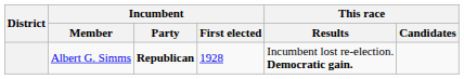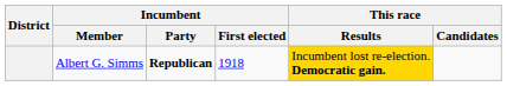 <table class=wikitable>
 <tr>
 <th rowspan=2>District</th>
 <th colspan=3>Incumbent</th>
 <th colspan=2>This race</th>
 </tr>
 <tr>
 <th>Member</th>
 <th>Party</th>
 <th>First elected</th>
 <th>Results</th>
 <th>Candidates</th>
 </tr>
 <tr>
 <th></th>
 <td><a href='#'>Albert G. Simms</a></td>
 <td><strong>Republican</strong></td>
-<td><a href='#'>1928</a></td>
-<td>Incumbent lost re-election.<br><strong>Democratic gain.</strong></td>
+<td><a href='#'>1918</a></td>
+<td style="background: gold;">Incumbent lost re-election.<br><strong>Democratic gain.</strong></td>
 <td nowrap></td>
 </tr>
 </table>
